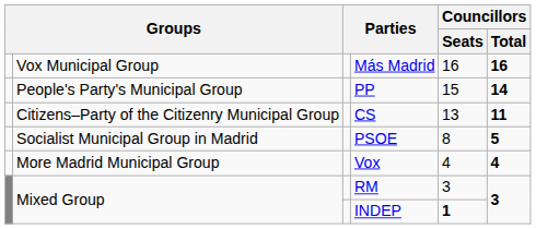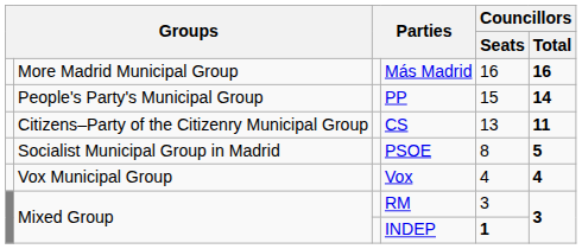 <table class="wikitable" style="text-align:left;">
 <tr>
 <th rowspan="2" colspan="2">Groups</th>
 <th rowspan="2" colspan="2">Parties</th>
 <th colspan="2">Councillors</th>
 </tr>
 <tr>
 <th>Seats</th>
 <th>Total</th>
 </tr>
 <tr>
 <td width="1" style="color:inherit;background:"></td>
-<td>Vox Municipal Group</td>
+<td>More Madrid Municipal Group</td>
 <td width="1" style="color:inherit;background:"></td>
 <td><a href='#'>Más Madrid</a></td>
 <td>16</td>
 <td><strong>16</strong></td>
 </tr>
 <tr>
 <td style="color:inherit;background:"></td>
 <td>People's Party's Municipal Group</td>
 <td style="color:inherit;background:"></td>
 <td><a href='#'>PP</a></td>
 <td>15</td>
 <td><strong>14</strong></td>
 </tr>
 <tr>
 <td style="color:inherit;background:"></td>
 <td>Citizens–Party of the Citizenry Municipal Group</td>
 <td style="color:inherit;background:"></td>
 <td><a href='#'>CS</a></td>
 <td>13</td>
 <td><strong>11</strong></td>
 </tr>
 <tr>
 <td style="color:inherit;background:"></td>
 <td>Socialist Municipal Group in Madrid</td>
 <td style="color:inherit;background:"></td>
 <td><a href='#'>PSOE</a></td>
 <td>8</td>
 <td><strong>5</strong></td>
 </tr>
 <tr>
 <td style="color:inherit;background:"></td>
-<td>More Madrid Municipal Group</td>
+<td>Vox Municipal Group</td>
 <td style="color:inherit;background:"></td>
 <td><a href='#'>Vox</a></td>
 <td>4</td>
 <td><strong>4</strong></td>
 </tr>
 <tr>
 <td rowspan="2" bgcolor="grey"></td>
 <td rowspan="2">Mixed Group</td>
 <td style="color:inherit;background:"></td>
 <td><a href='#'>RM</a></td>
 <td>3</td>
 <td rowspan="2"><strong>3</strong></td>
 </tr>
 <tr>
 <td style="color:inherit;background:"></td>
 <td><a href='#'>INDEP</a></td>
 <td><strong>1</strong></td>
 </tr>
 </table>
